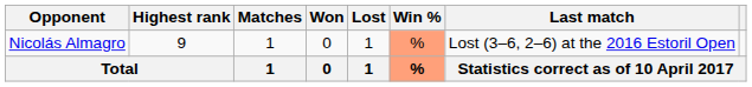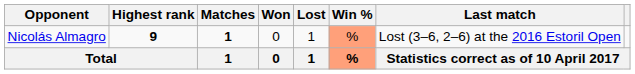 <table class="sortable wikitable">
 <tr>
 <th scope="col">Opponent</th>
 <th scope="col">Highest rank</th>
 <th scope="col">Matches</th>
 <th scope="col">Won</th>
 <th scope="col">Lost</th>
 <th scope="col">Win %</th>
 <th scope="col" class="unsortable">Last match</th>
 <th scope="col" class="unsortable"></th>
 </tr>
 <tr>
 <td data-sort-value="Almagro, N"> <a href='#'>Nicolás Almagro</a></td>
-<td align=center>9</td>
-<td align=center>1</td>
+<td align=center><strong>9</strong></td>
+<td align=center><strong>1</strong></td>
 <td align=center>0</td>
 <td align=center>1</td>
 <td bgcolor=FFA07A align=center>%</td>
 <td>Lost (3–6, 2–6) at the <a href='#'>2016 Estoril Open</a></td>
 <td align=center></td>
 </tr>
 <tr>
 <th scope="col" colspan=2 align=center>Total</th>
 <th scope="col" align=center>1</th>
 <th scope="col" align=center>0</th>
 <th scope="col" align=center>1</th>
 <th scope="col" style="background:#FFA07A;" align=center>%</th>
 <th scope="col" colspan=2 align=center>Statistics correct as of 10 April 2017</th>
 </tr>
 </table>
